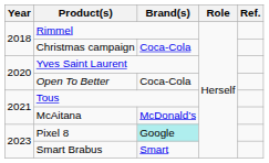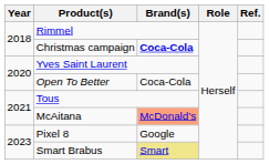 <table class="wikitable">
 <tr>
 <th>Year</th>
 <th>Product(s)</th>
 <th>Brand(s)</th>
 <th>Role</th>
 <th>Ref.</th>
 </tr>
 <tr>
 <td rowspan="2">2018</td>
 <td colspan="2"><a href='#'>Rimmel</a></td>
 <td rowspan="8">Herself</td>
 <td></td>
 </tr>
 <tr>
 <td>Christmas campaign</td>
-<td><a href='#'>Coca-Cola</a></td>
+<td><strong><a href='#'>Coca-Cola</a></strong></td>
 <td></td>
 </tr>
 <tr>
 <td rowspan="2">2020</td>
 <td colspan="2"><a href='#'>Yves Saint Laurent</a></td>
 <td></td>
 </tr>
 <tr>
 <td><em>Open To Better</em></td>
 <td>Coca-Cola</td>
 <td></td>
 </tr>
 <tr>
 <td rowspan="2">2021</td>
 <td colspan="2"><a href='#'>Tous</a></td>
 <td></td>
 </tr>
 <tr>
 <td>McAitana</td>
-<td><a href='#'>McDonald’s</a></td>
+<td style="background: lightsalmon;"><a href='#'>McDonald’s</a></td>
 <td></td>
 </tr>
 <tr>
 <td rowspan="2">2023</td>
 <td>Pixel 8</td>
-<td style="background: paleturquoise;">Google</td>
+<td>Google</td>
 <td></td>
 </tr>
 <tr>
 <td>Smart Brabus</td>
-<td><a href='#'>Smart</a></td>
+<td style="background: khaki;"><a href='#'>Smart</a></td>
 <td></td>
 </tr>
 </table>
